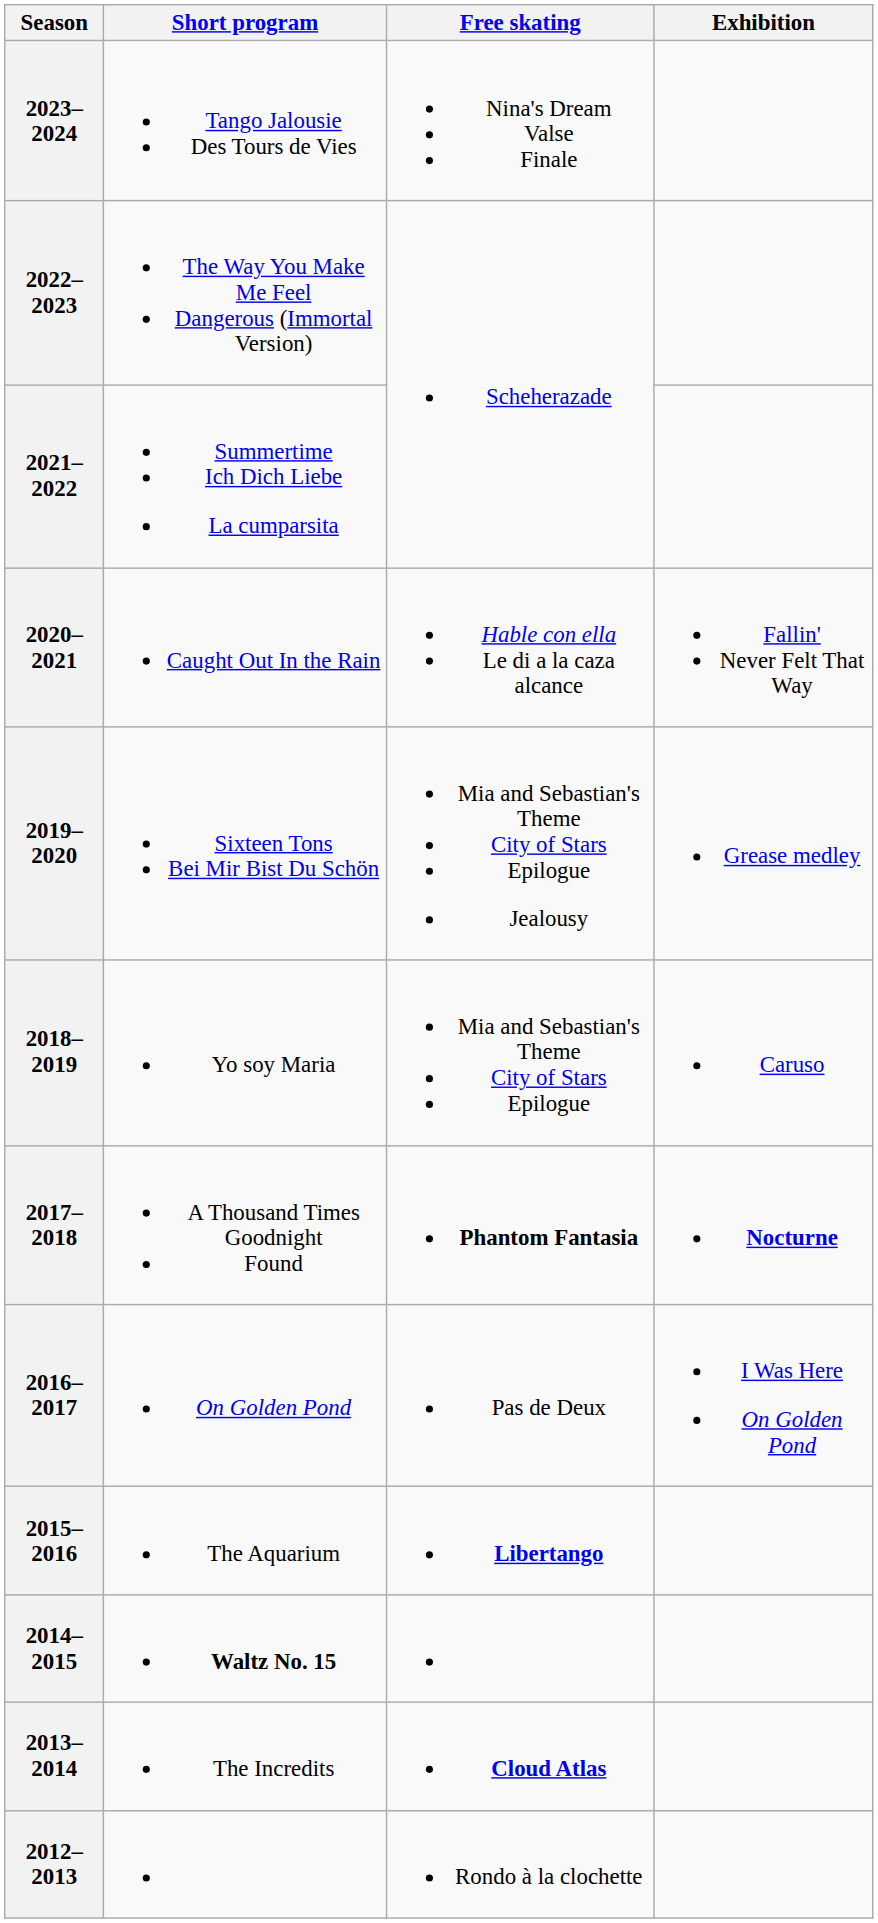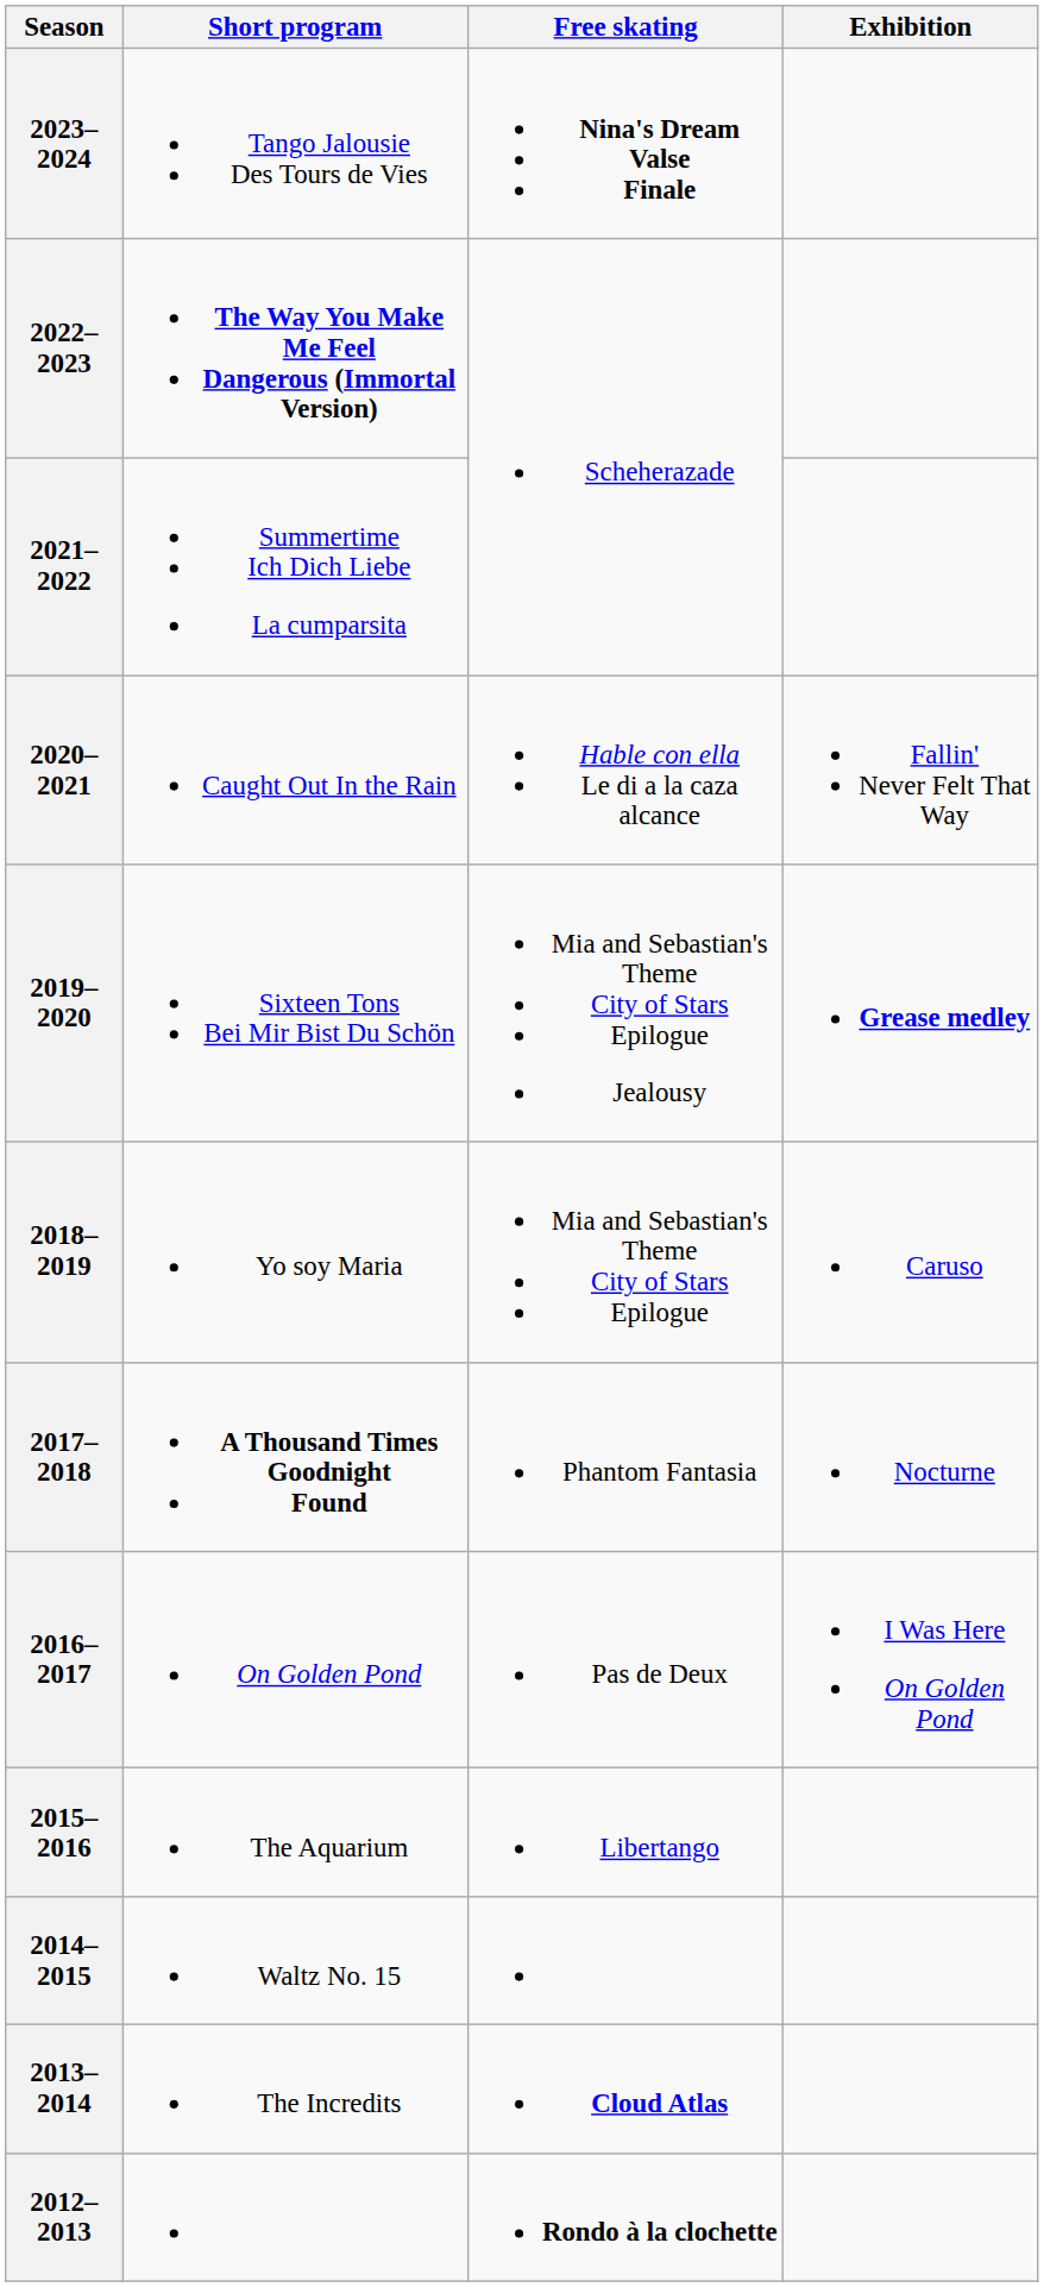 <table class=wikitable style=text-align:center>
 <tr>
 <th>Season</th>
 <th><a href='#'>Short program</a></th>
 <th><a href='#'>Free skating</a></th>
 <th>Exhibition</th>
 </tr>
 <tr>
 <th>2023–2024</th>
 <td><br><ul><li><a href='#'>Tango Jalousie</a> <br> </li><li>Des Tours de Vies <br> </li></ul></td>
-<td><br><ul><li>Nina's Dream <br> </li><li>Valse</li><li>Finale <br> </li></ul></td>
+<td><strong><br><ul><li>Nina's Dream <br> </li><li>Valse</li><li>Finale <br> </li></ul></strong></td>
 <td></td>
 </tr>
 <tr>
 <th>2022–2023 <br> </th>
-<td><br><ul><li><a href='#'>The Way You Make Me Feel</a> <br> </li><li><a href='#'>Dangerous</a> (<a href='#'>Immortal</a> Version) <br> </li></ul></td>
+<td><strong><br><ul><li><a href='#'>The Way You Make Me Feel</a> <br> </li><li><a href='#'>Dangerous</a> (<a href='#'>Immortal</a> Version) <br> </li></ul></strong></td>
 <td rowspan=2><br><ul><li><a href='#'>Scheherazade</a> <br> </li></ul></td>
 <td></td>
 </tr>
 <tr>
 <th>2021–2022 <br> </th>
 <td><br><ul><li><a href='#'>Summertime</a> <br> </li><li><a href='#'>Ich Dich Liebe</a> <br> </li></ul><ul><li><a href='#'>La cumparsita</a> <br> </li></ul></td>
 <td></td>
 </tr>
 <tr>
 <th>2020–2021 <br> </th>
 <td><br><ul><li><a href='#'>Caught Out In the Rain</a> <br> </li></ul></td>
 <td><br><ul><li><em><a href='#'>Hable con ella</a></em> <br> </li><li>Le di a la caza alcance <br> </li></ul></td>
 <td><br><ul><li><a href='#'>Fallin'</a></li><li>Never Felt That Way <br> </li></ul></td>
 </tr>
 <tr>
 <th>2019–2020 <br> </th>
 <td><br><ul><li><a href='#'>Sixteen Tons</a> <br> </li><li><a href='#'>Bei Mir Bist Du Schön</a> <br> </li></ul></td>
 <td><br><ul><li>Mia and Sebastian's Theme</li><li><a href='#'>City of Stars</a></li><li>Epilogue <br> </li></ul><ul><li>Jealousy <br></li></ul></td>
-<td><br><ul><li><a href='#'>Grease medley</a></li></ul></td>
+<td><strong><br><ul><li><a href='#'>Grease medley</a></li></ul></strong></td>
 </tr>
 <tr>
 <th>2018–2019 </th>
 <td><br><ul><li>Yo soy Maria <br></li></ul></td>
 <td><br><ul><li>Mia and Sebastian's Theme</li><li><a href='#'>City of Stars</a></li><li>Epilogue <br> </li></ul></td>
 <td><br><ul><li><a href='#'>Caruso</a> <br></li></ul></td>
 </tr>
 <tr>
 <th>2017–2018 <br> </th>
-<td><br><ul><li>A Thousand Times Goodnight  <br></li><li>Found <br></li></ul></td>
-<td><strong><br><ul><li>Phantom Fantasia <br></li></ul></strong></td>
-<td><strong><br><ul><li><a href='#'>Nocturne</a> <br></li></ul></strong></td>
+<td><strong><br><ul><li>A Thousand Times Goodnight  <br></li><li>Found <br></li></ul></strong></td>
+<td><br><ul><li>Phantom Fantasia <br></li></ul></td>
+<td><br><ul><li><a href='#'>Nocturne</a> <br></li></ul></td>
 </tr>
 <tr>
 <th>2016–2017 <br> </th>
 <td><br><ul><li><em><a href='#'>On Golden Pond</a></em> <br></li></ul></td>
 <td><br><ul><li>Pas de Deux <br></li></ul></td>
 <td><br><ul><li><a href='#'>I Was Here</a> <br></li></ul><ul><li><em><a href='#'>On Golden Pond</a></em> <br></li></ul></td>
 </tr>
 <tr>
 <th>2015–2016 <br> </th>
 <td><br><ul><li>The Aquarium <br></li></ul></td>
-<td><strong><br><ul><li><a href='#'>Libertango</a> <br></li></ul></strong></td>
+<td><br><ul><li><a href='#'>Libertango</a> <br></li></ul></td>
 <td></td>
 </tr>
 <tr>
 <th>2014–2015</th>
-<td><strong><br><ul><li>Waltz No. 15 <br></li></ul></strong></td>
+<td><br><ul><li>Waltz No. 15 <br></li></ul></td>
 <td><br><ul><li></li></ul></td>
 <td></td>
 </tr>
 <tr>
 <th>2013–2014</th>
 <td><br><ul><li>The Incredits <br></li></ul></td>
 <td><strong><br><ul><li><a href='#'>Cloud Atlas</a> <br></li></ul></strong></td>
 <td></td>
 </tr>
 <tr>
 <th>2012–2013</th>
 <td><br><ul><li></li></ul></td>
-<td><br><ul><li>Rondo à la clochette <br></li></ul></td>
+<td><strong><br><ul><li>Rondo à la clochette <br></li></ul></strong></td>
 <td></td>
 </tr>
 </table>
